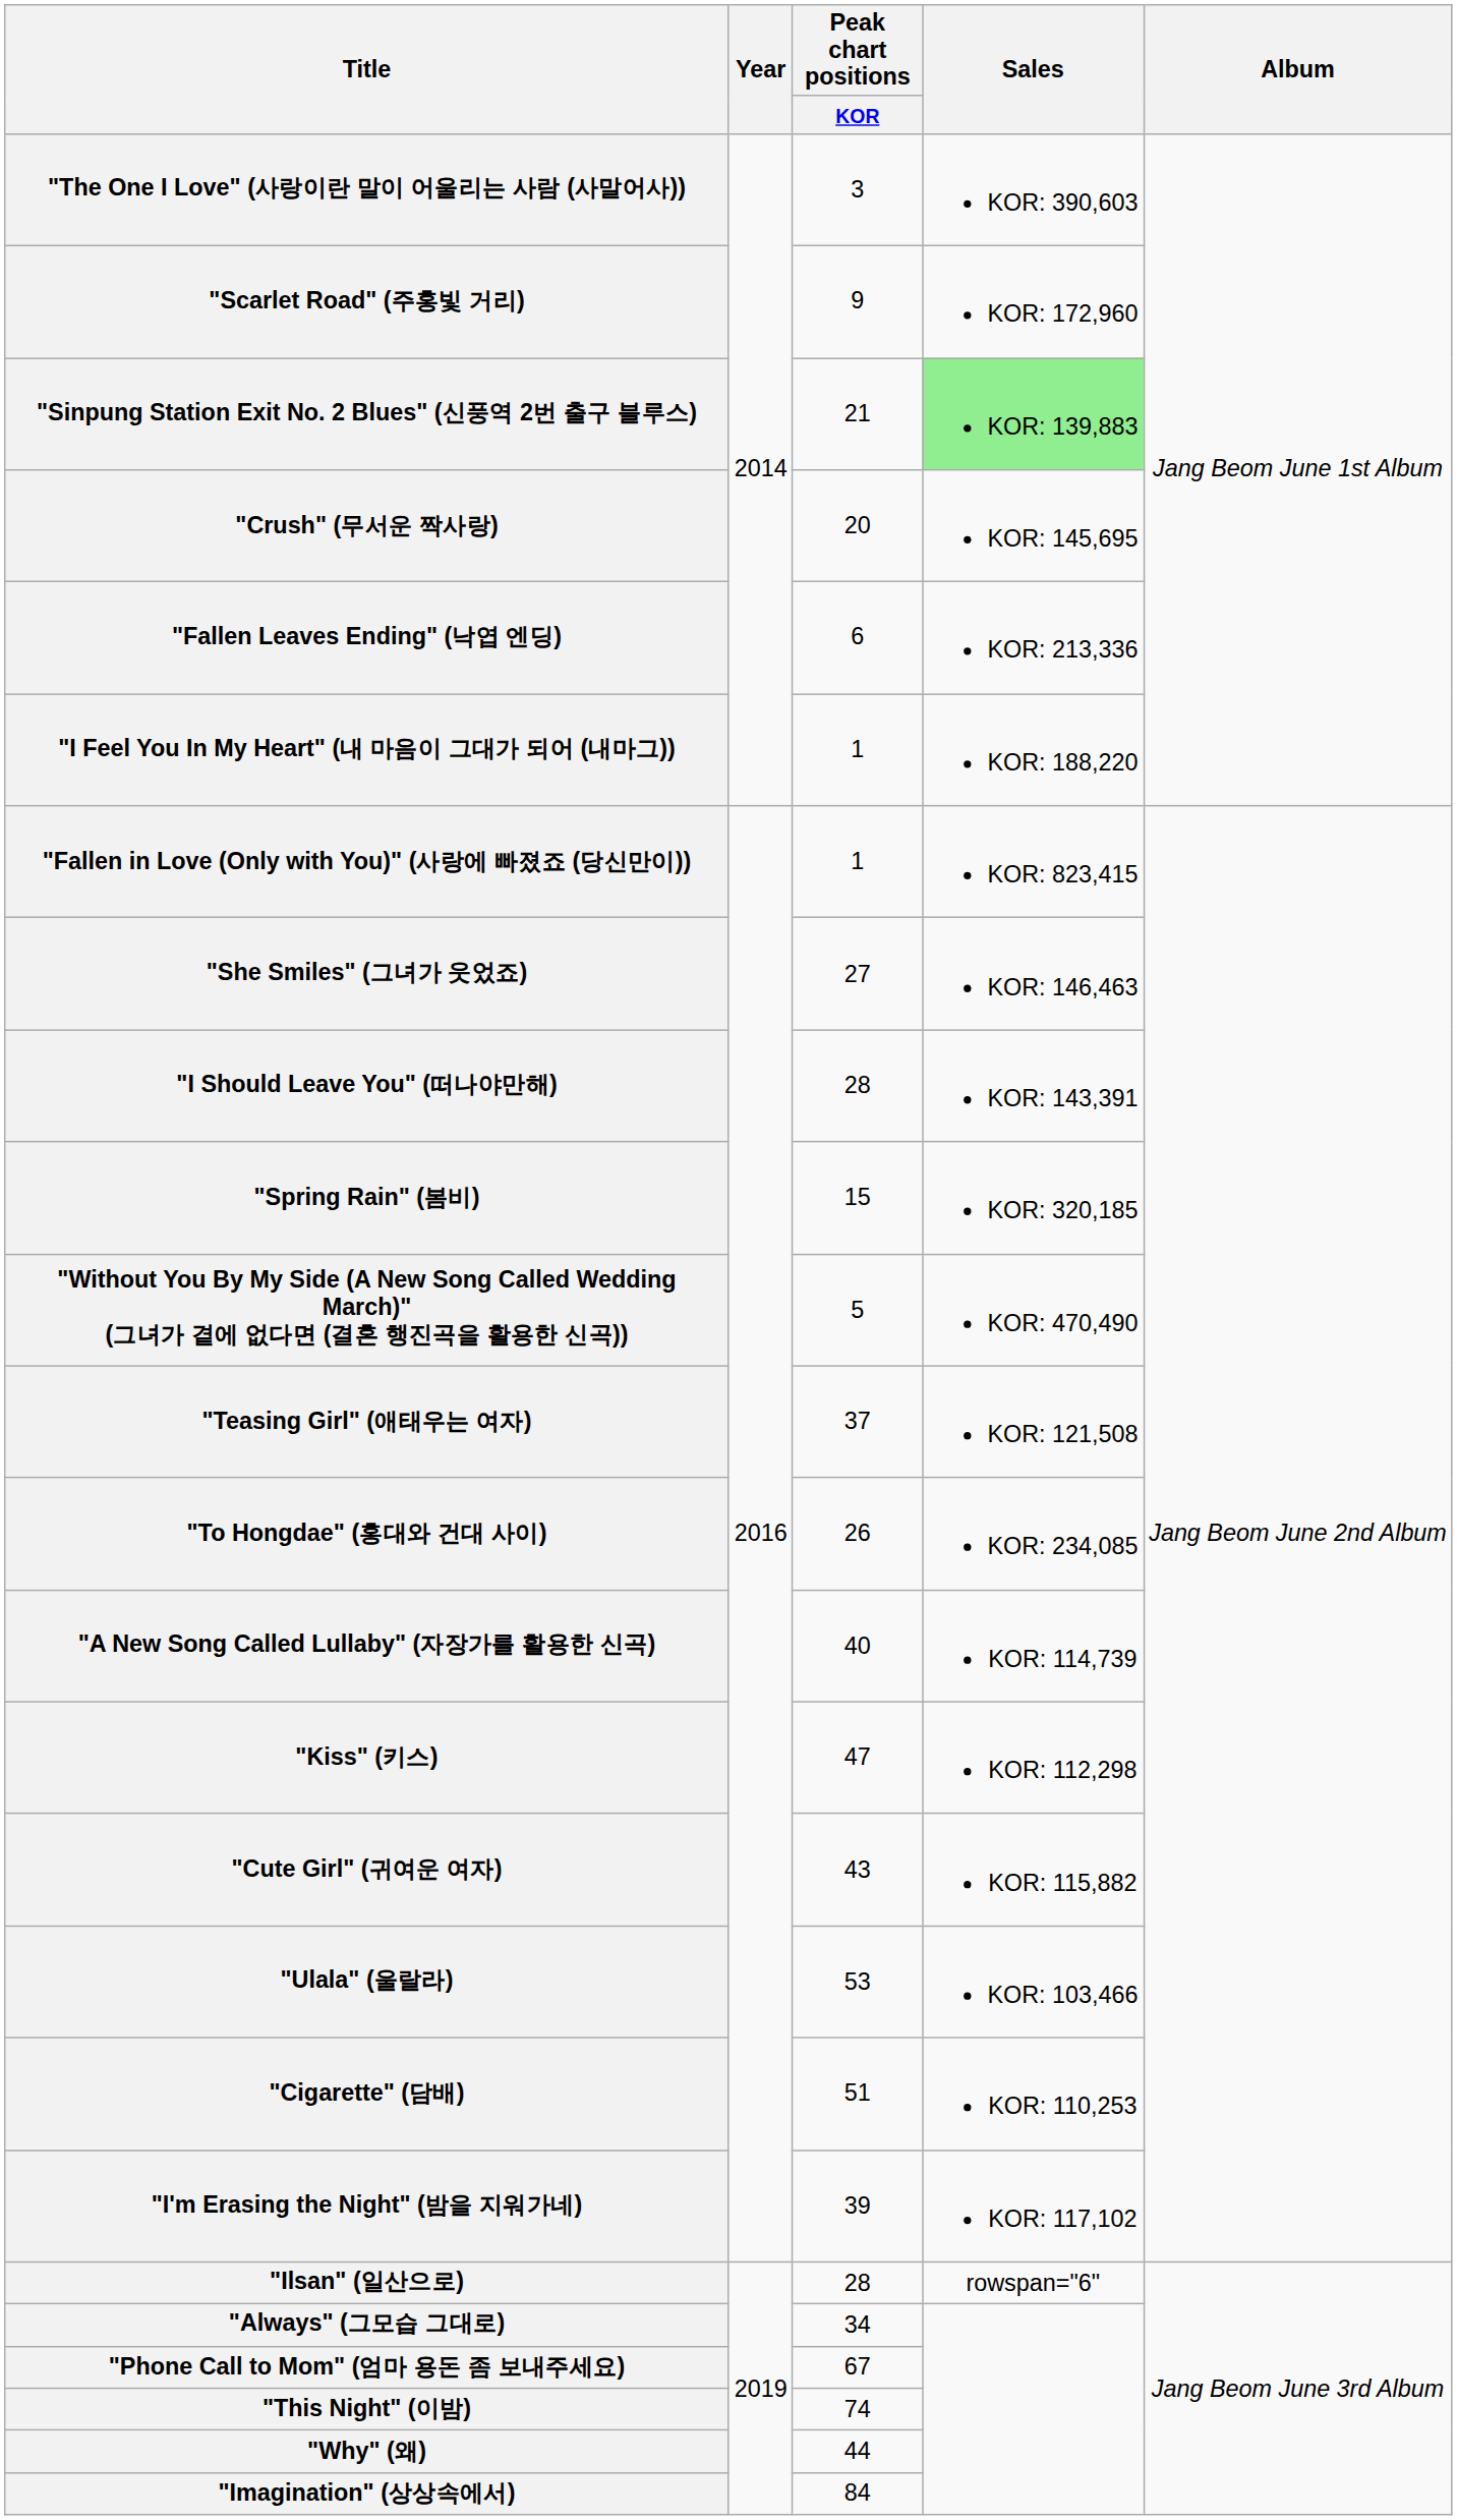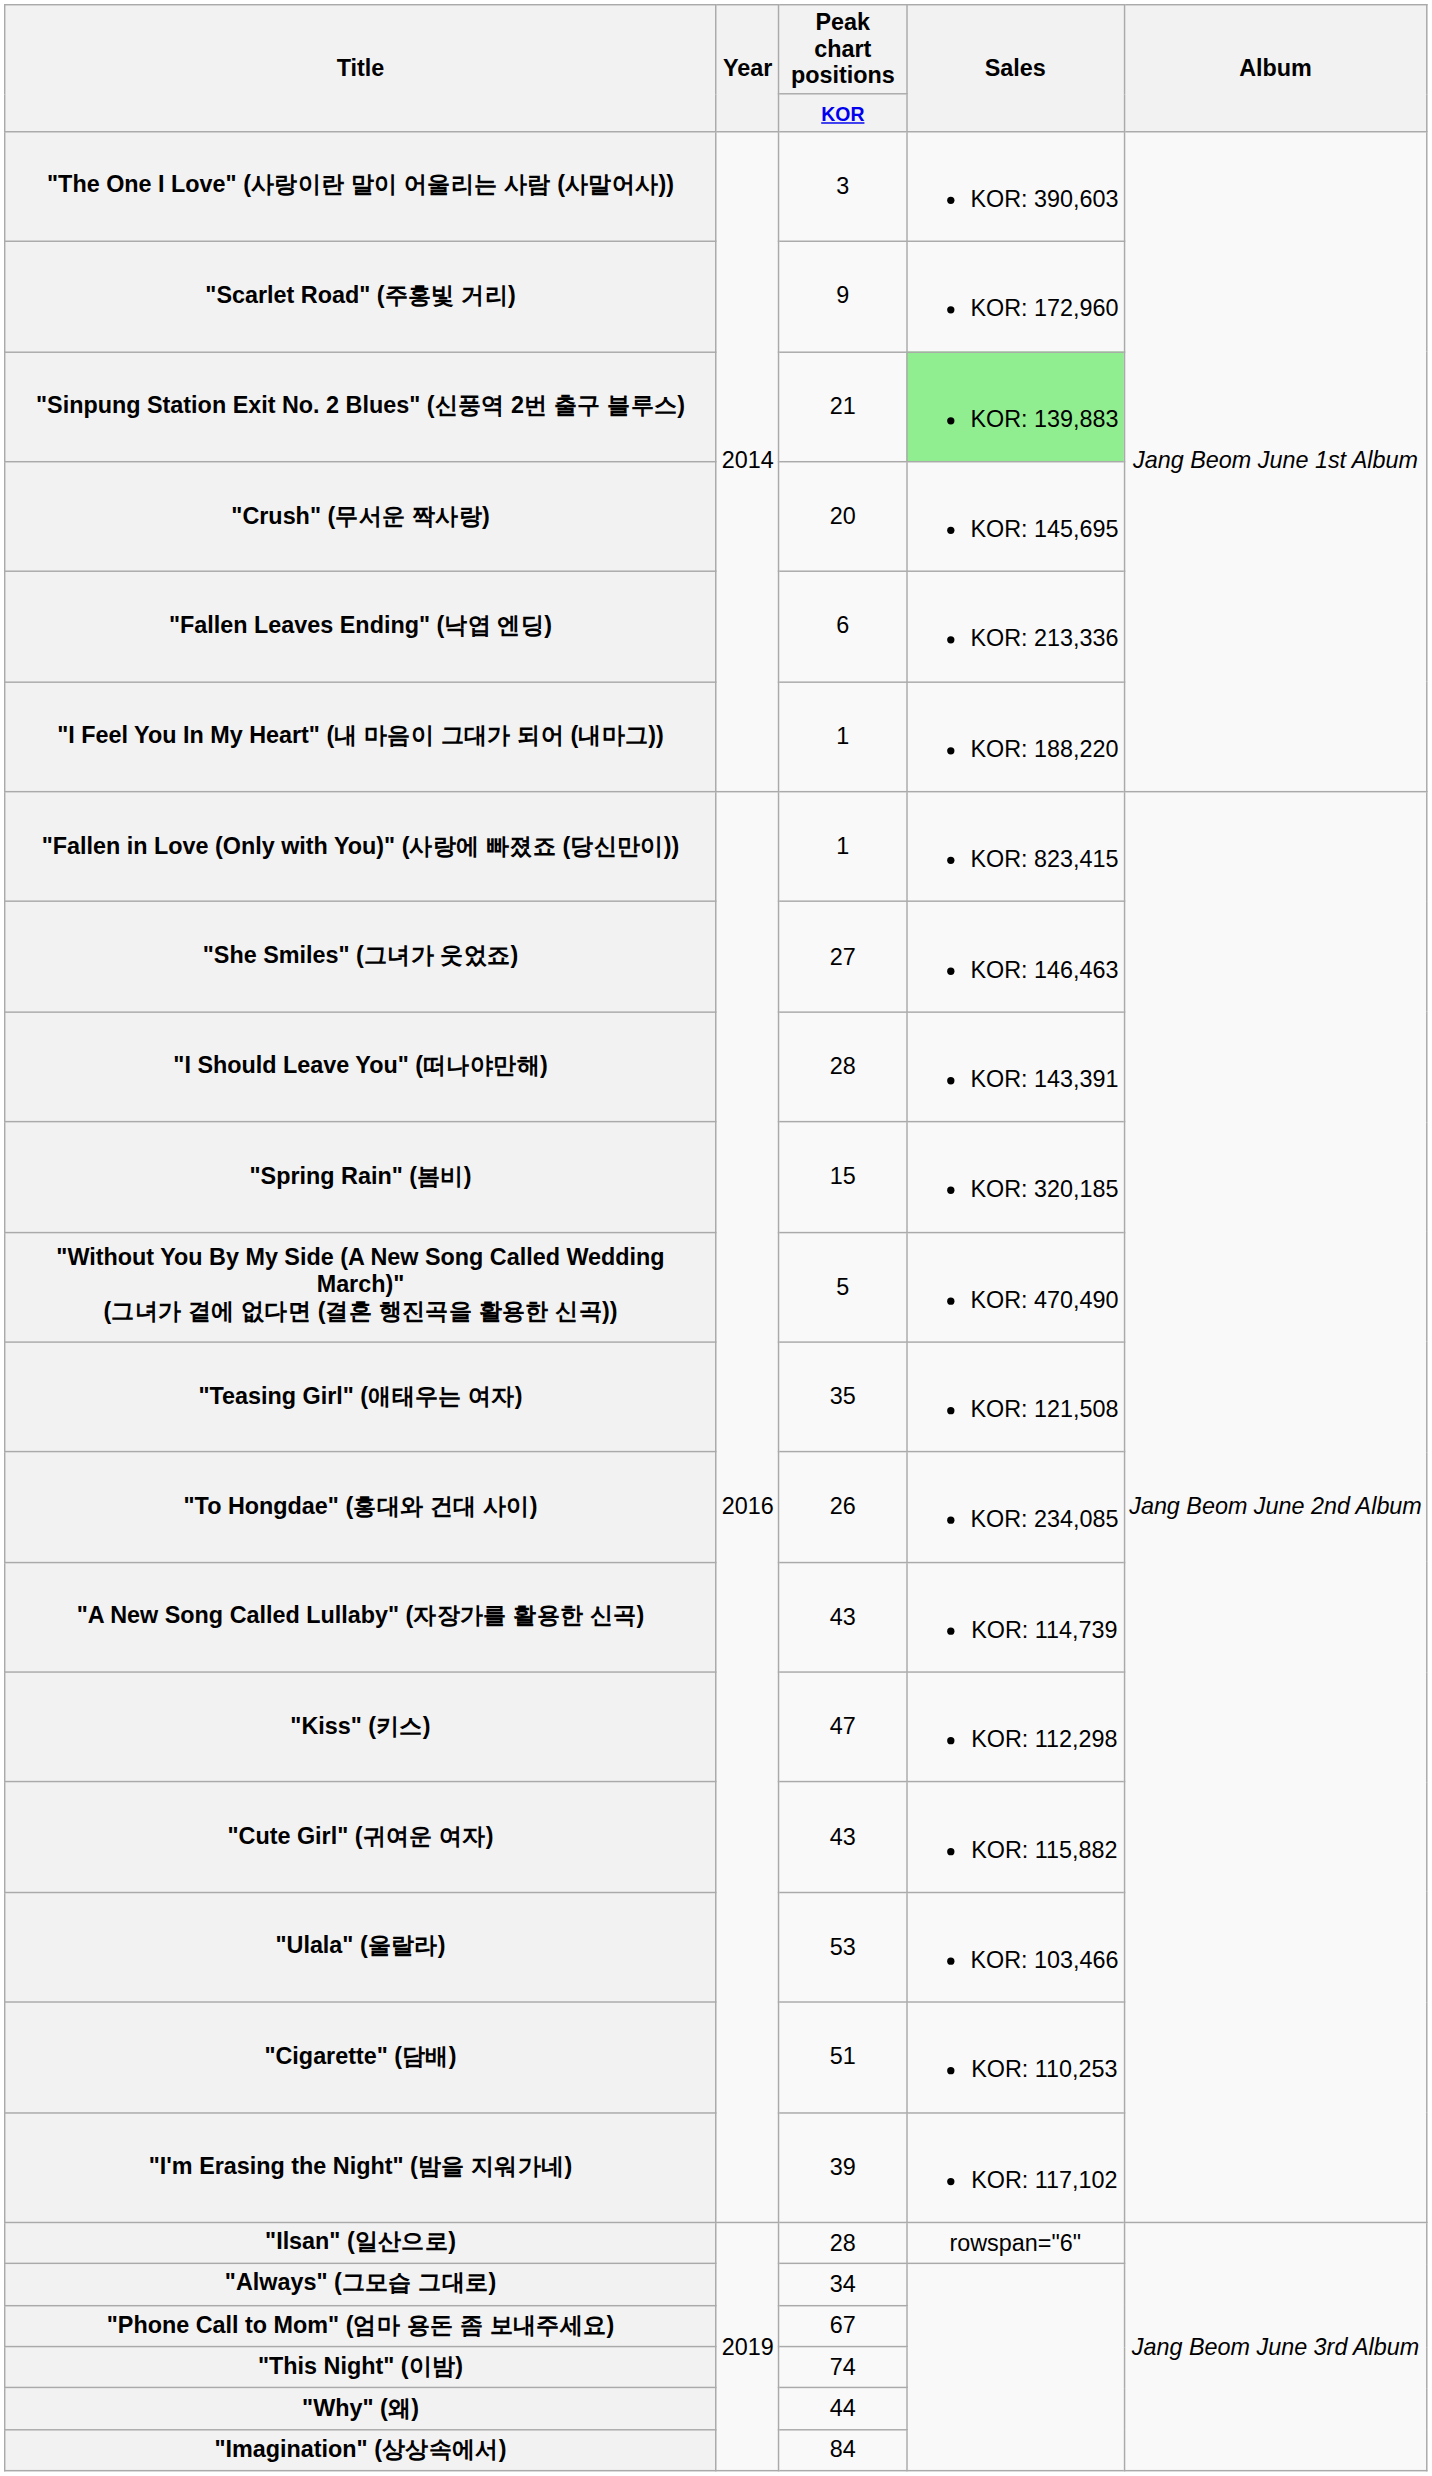 <table class="wikitable plainrowheaders" style="text-align:center">
 <tr>
 <th scope="col" rowspan="2" style="width:30em;">Title</th>
 <th scope="col" rowspan="2">Year</th>
 <th scope="col" colspan="1" style="width:5em;">Peak chart positions</th>
 <th scope="col" rowspan="2">Sales</th>
 <th scope="col" rowspan="2">Album</th>
 </tr>
 <tr>
 <th><small><a href='#'>KOR</a></small><br></th>
 </tr>
 <tr>
 <th scope="row">"The One I Love" (사랑이란 말이 어울리는 사람 (사말어사))</th>
 <td rowspan="6">2014</td>
 <td>3</td>
 <td><br><ul><li>KOR: 390,603</li></ul></td>
 <td rowspan="6"><em>Jang Beom June 1st Album</em></td>
 </tr>
 <tr>
 <th scope="row">"Scarlet Road" (주홍빛 거리)</th>
 <td>9</td>
 <td><br><ul><li>KOR: 172,960</li></ul></td>
 </tr>
 <tr>
 <th scope="row">"Sinpung Station Exit No. 2 Blues" (신풍역 2번 출구 블루스)</th>
 <td>21</td>
 <td style="background: lightgreen;"><br><ul><li>KOR: 139,883</li></ul></td>
 </tr>
 <tr>
 <th scope="row">"Crush" (무서운 짝사랑)</th>
 <td>20</td>
 <td><br><ul><li>KOR: 145,695</li></ul></td>
 </tr>
 <tr>
 <th scope="row">"Fallen Leaves Ending" (낙엽 엔딩)</th>
 <td>6</td>
 <td><br><ul><li>KOR: 213,336</li></ul></td>
 </tr>
 <tr>
 <th scope="row">"I Feel You In My Heart" (내 마음이 그대가 되어 (내마그))</th>
 <td>1</td>
 <td><br><ul><li>KOR: 188,220</li></ul></td>
 </tr>
 <tr>
 <th scope="row">"Fallen in Love (Only with You)" (사랑에 빠졌죠 (당신만이))</th>
 <td rowspan="13">2016</td>
 <td>1</td>
 <td><br><ul><li>KOR: 823,415</li></ul></td>
 <td rowspan="13"><em>Jang Beom June 2nd Album</em></td>
 </tr>
 <tr>
 <th scope="row">"She Smiles" (그녀가 웃었죠)</th>
 <td>27</td>
 <td><br><ul><li>KOR: 146,463</li></ul></td>
 </tr>
 <tr>
 <th scope="row">"I Should Leave You" (떠나야만해)</th>
 <td>28</td>
 <td><br><ul><li>KOR: 143,391</li></ul></td>
 </tr>
 <tr>
 <th scope="row">"Spring Rain" (봄비)</th>
 <td>15</td>
 <td><br><ul><li>KOR: 320,185</li></ul></td>
 </tr>
 <tr>
 <th scope="row">"Without You By My Side (A New Song Called Wedding March)"<br>(그녀가 곁에 없다면 (결혼 행진곡을 활용한 신곡))</th>
 <td>5</td>
 <td><br><ul><li>KOR: 470,490</li></ul></td>
 </tr>
 <tr>
 <th scope="row">"Teasing Girl" (애태우는 여자)</th>
-<td>37</td>
+<td>35</td>
 <td><br><ul><li>KOR: 121,508</li></ul></td>
 </tr>
 <tr>
 <th scope="row">"To Hongdae" (홍대와 건대 사이)</th>
 <td>26</td>
 <td><br><ul><li>KOR: 234,085</li></ul></td>
 </tr>
 <tr>
 <th scope="row">"A New Song Called Lullaby" (자장가를 활용한 신곡)</th>
-<td>40</td>
+<td>43</td>
 <td><br><ul><li>KOR: 114,739</li></ul></td>
 </tr>
 <tr>
 <th scope="row">"Kiss" (키스)</th>
 <td>47</td>
 <td><br><ul><li>KOR: 112,298</li></ul></td>
 </tr>
 <tr>
 <th scope="row">"Cute Girl" (귀여운 여자)</th>
 <td>43</td>
 <td><br><ul><li>KOR: 115,882</li></ul></td>
 </tr>
 <tr>
 <th scope="row">"Ulala" (울랄라)</th>
 <td>53</td>
 <td><br><ul><li>KOR: 103,466</li></ul></td>
 </tr>
 <tr>
 <th scope="row">"Cigarette" (담배)</th>
 <td>51</td>
 <td><br><ul><li>KOR: 110,253</li></ul></td>
 </tr>
 <tr>
 <th scope="row">"I'm Erasing the Night" (밤을 지워가네)</th>
 <td>39</td>
 <td><br><ul><li>KOR: 117,102</li></ul></td>
 </tr>
 <tr>
 <th scope="row">"Ilsan" (일산으로)</th>
 <td rowspan="6">2019</td>
 <td>28</td>
 <td>rowspan="6" </td>
 <td rowspan="6"><em>Jang Beom June 3rd Album</em></td>
 </tr>
 <tr>
 <th scope="row">"Always" (그모습 그대로)</th>
 <td>34</td>
 </tr>
 <tr>
 <th scope="row">"Phone Call to Mom" (엄마 용돈 좀 보내주세요)</th>
 <td>67</td>
 </tr>
 <tr>
 <th scope="row">"This Night" (이밤)</th>
 <td>74</td>
 </tr>
 <tr>
 <th scope="row">"Why" (왜)</th>
 <td>44</td>
 </tr>
 <tr>
 <th scope="row">"Imagination" (상상속에서)</th>
 <td>84</td>
 </tr>
 </table>
